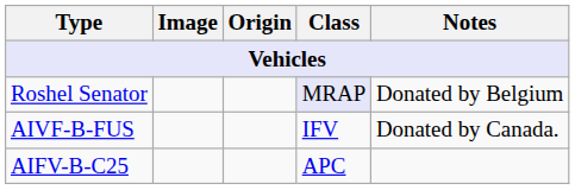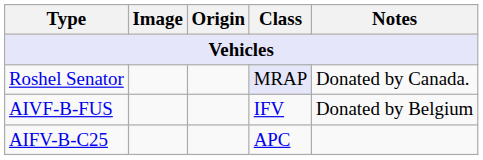 <table class="wikitable">
 <tr>
 <th>Type</th>
 <th>Image</th>
 <th>Origin</th>
 <th>Class</th>
 <th>Notes</th>
 </tr>
 <tr>
 <th colspan="6" style="align: center; background: lavender;">Vehicles</th>
 </tr>
 <tr>
 <td><a href='#'>Roshel Senator</a></td>
 <td></td>
 <td></td>
 <td style="background: lavender;">MRAP</td>
-<td>Donated by Belgium</td>
+<td>Donated by Canada.</td>
 </tr>
 <tr>
 <td><a href='#'>AIVF-B-FUS</a></td>
 <td></td>
 <td></td>
 <td><a href='#'>IFV</a></td>
-<td>Donated by Canada.</td>
+<td>Donated by Belgium</td>
 </tr>
 <tr>
 <td><a href='#'>AIFV-B-C25</a></td>
 <td></td>
 <td></td>
 <td><a href='#'>APC</a></td>
 <td></td>
 </tr>
 </table>
